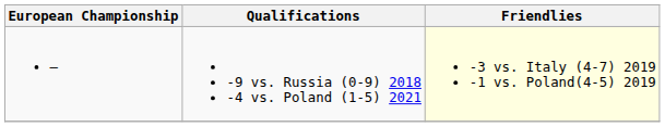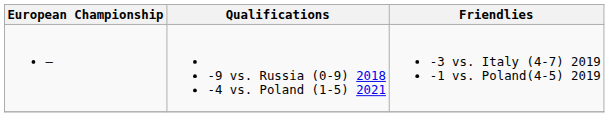 <table class="wikitable">
 <tr>
 <th>European Championship</th>
 <th>Qualifications</th>
 <th>Friendlies</th>
 </tr>
 <tr style="vertical-align:top;">
 <td><br><ul><li>—</li></ul></td>
 <td><br><ul><li></li><li>-9 vs. Russia (0-9) <a href='#'>2018</a></li><li>-4 vs. Poland (1-5) <a href='#'>2021</a></li></ul></td>
-<td style="background: lightyellow;"><br><ul><li>-3 vs. Italy (4-7) 2019</li><li>-1 vs. Poland(4-5) 2019</li></ul></td>
+<td><br><ul><li>-3 vs. Italy (4-7) 2019</li><li>-1 vs. Poland(4-5) 2019</li></ul></td>
 </tr>
 <tr>
 </tr>
 </table>
